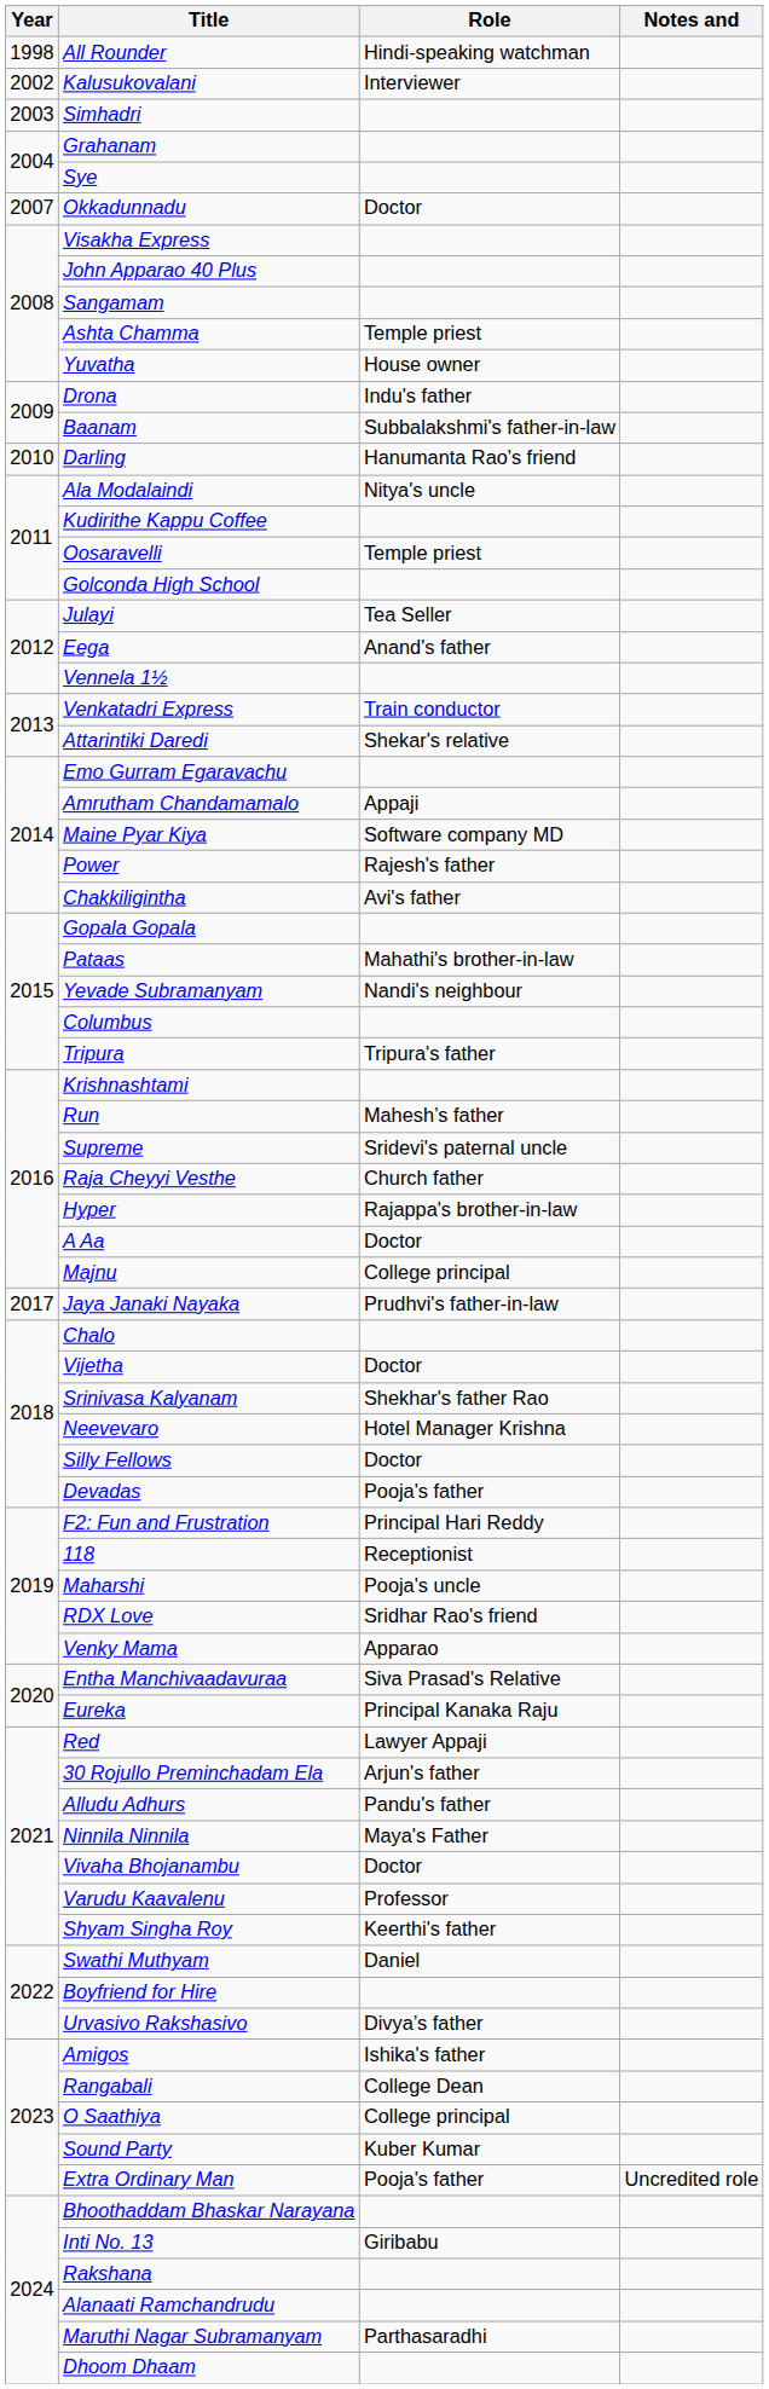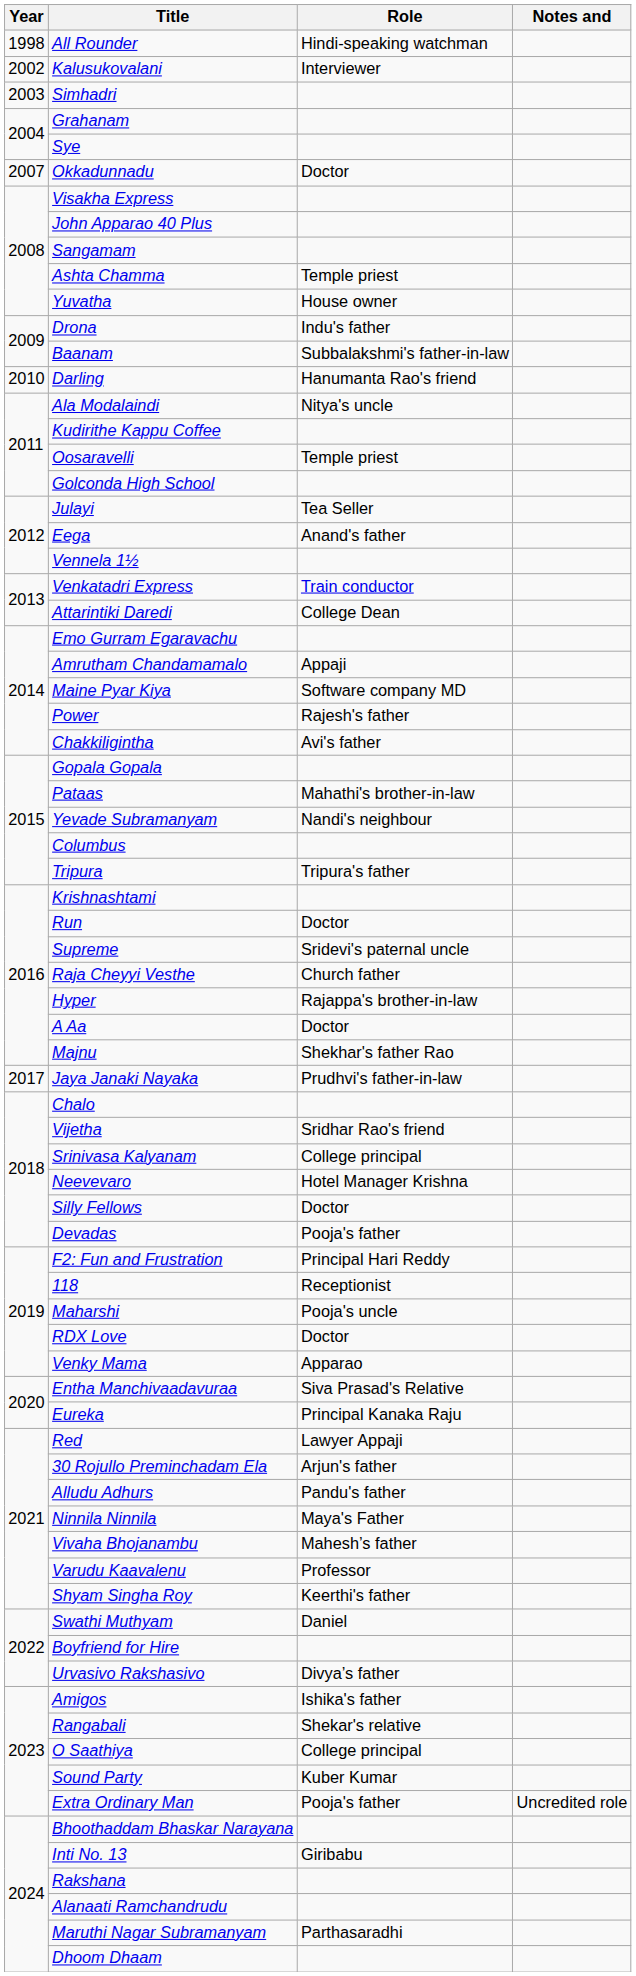 <table class="wikitable sortable">
 <tr>
 <th scope="col">Year</th>
 <th scope="col">Title</th>
 <th scope="col">Role</th>
 <th scope="col" class="unsortable">Notes and </th>
 </tr>
 <tr>
 <td>1998</td>
 <td><em><a href='#'>All Rounder</a></em></td>
 <td>Hindi-speaking watchman</td>
 <td></td>
 </tr>
 <tr>
 <td>2002</td>
 <td><em><a href='#'>Kalusukovalani</a></em></td>
 <td>Interviewer</td>
 <td></td>
 </tr>
 <tr>
 <td>2003</td>
 <td><a href='#'><em>Simhadri</em></a></td>
 <td></td>
 <td></td>
 </tr>
 <tr>
 <td rowspan="2">2004</td>
 <td><em><a href='#'>Grahanam</a></em></td>
 <td></td>
 <td></td>
 </tr>
 <tr>
 <td><a href='#'><em>Sye</em></a></td>
 <td></td>
 <td></td>
 </tr>
 <tr>
 <td>2007</td>
 <td><em><a href='#'>Okkadunnadu</a></em></td>
 <td>Doctor</td>
 <td></td>
 </tr>
 <tr>
 <td rowspan="5">2008</td>
 <td><a href='#'><em>Visakha Express</em></a></td>
 <td></td>
 <td></td>
 </tr>
 <tr>
 <td><em><a href='#'>John Apparao 40 Plus</a></em></td>
 <td></td>
 <td></td>
 </tr>
 <tr>
 <td><em><a href='#'>Sangamam</a></em></td>
 <td></td>
 <td></td>
 </tr>
 <tr>
 <td><em><a href='#'>Ashta Chamma</a></em></td>
 <td>Temple priest</td>
 <td></td>
 </tr>
 <tr>
 <td><em><a href='#'>Yuvatha</a></em></td>
 <td>House owner</td>
 <td></td>
 </tr>
 <tr>
 <td rowspan="2">2009</td>
 <td><em><a href='#'>Drona</a></em></td>
 <td>Indu's father</td>
 <td></td>
 </tr>
 <tr>
 <td><em><a href='#'>Baanam</a></em></td>
 <td>Subbalakshmi's father-in-law</td>
 <td></td>
 </tr>
 <tr>
 <td>2010</td>
 <td><a href='#'><em>Darling</em></a></td>
 <td>Hanumanta Rao's friend</td>
 <td></td>
 </tr>
 <tr>
 <td rowspan="4">2011</td>
 <td><em><a href='#'>Ala Modalaindi</a></em></td>
 <td>Nitya's uncle</td>
 <td></td>
 </tr>
 <tr>
 <td><em><a href='#'>Kudirithe Kappu Coffee</a></em></td>
 <td></td>
 <td></td>
 </tr>
 <tr>
 <td><em><a href='#'>Oosaravelli</a></em></td>
 <td>Temple priest</td>
 <td></td>
 </tr>
 <tr>
 <td><em><a href='#'>Golconda High School</a></em></td>
 <td></td>
 <td></td>
 </tr>
 <tr>
 <td rowspan="3">2012</td>
 <td><em><a href='#'>Julayi</a></em></td>
 <td>Tea Seller</td>
 <td></td>
 </tr>
 <tr>
 <td><em><a href='#'>Eega</a></em></td>
 <td>Anand's father</td>
 <td></td>
 </tr>
 <tr>
 <td><em><a href='#'>Vennela 1½</a></em></td>
 <td></td>
 <td></td>
 </tr>
 <tr>
 <td rowspan="2">2013</td>
 <td><a href='#'><em>Venkatadri Express</em></a></td>
 <td><a href='#'>Train conductor</a></td>
 <td></td>
 </tr>
 <tr>
 <td><em><a href='#'>Attarintiki Daredi</a></em></td>
-<td>Shekar's relative</td>
+<td>College Dean</td>
 <td></td>
 </tr>
 <tr>
 <td rowspan="5">2014</td>
 <td><em><a href='#'>Emo Gurram Egaravachu</a></em></td>
 <td></td>
 <td></td>
 </tr>
 <tr>
 <td><em><a href='#'>Amrutham Chandamamalo</a></em></td>
 <td>Appaji</td>
 <td></td>
 </tr>
 <tr>
 <td><a href='#'><em>Maine Pyar Kiya</em></a></td>
 <td>Software company MD</td>
 <td></td>
 </tr>
 <tr>
 <td><a href='#'><em>Power</em></a></td>
 <td>Rajesh's father</td>
 <td></td>
 </tr>
 <tr>
 <td><em><a href='#'>Chakkiligintha</a></em></td>
 <td>Avi's father</td>
 <td></td>
 </tr>
 <tr>
 <td rowspan="5">2015</td>
 <td><a href='#'><em>Gopala Gopala</em></a></td>
 <td></td>
 <td></td>
 </tr>
 <tr>
 <td><em><a href='#'>Pataas</a></em></td>
 <td>Mahathi's brother-in-law</td>
 <td></td>
 </tr>
 <tr>
 <td><em><a href='#'>Yevade Subramanyam</a></em></td>
 <td>Nandi's neighbour</td>
 <td></td>
 </tr>
 <tr>
 <td><em><a href='#'>Columbus</a></em></td>
 <td></td>
 <td></td>
 </tr>
 <tr>
 <td><a href='#'><em>Tripura</em></a></td>
 <td>Tripura's father</td>
 <td></td>
 </tr>
 <tr>
 <td rowspan="7">2016</td>
 <td><em><a href='#'>Krishnashtami</a></em></td>
 <td></td>
 <td></td>
 </tr>
 <tr>
 <td><a href='#'><em>Run</em></a></td>
-<td>Mahesh’s father</td>
+<td>Doctor</td>
 <td></td>
 </tr>
 <tr>
 <td><a href='#'><em>Supreme</em></a></td>
 <td>Sridevi's paternal uncle</td>
 <td></td>
 </tr>
 <tr>
 <td><em><a href='#'>Raja Cheyyi Vesthe</a></em></td>
 <td>Church father</td>
 <td></td>
 </tr>
 <tr>
 <td><a href='#'><em>Hyper</em></a></td>
 <td>Rajappa's brother-in-law</td>
 <td></td>
 </tr>
 <tr>
 <td><em><a href='#'>A Aa</a></em></td>
 <td>Doctor</td>
 <td></td>
 </tr>
 <tr>
 <td><a href='#'><em>Majnu</em></a></td>
-<td>College principal</td>
+<td>Shekhar's father Rao</td>
 <td></td>
 </tr>
 <tr>
 <td>2017</td>
 <td><em><a href='#'>Jaya Janaki Nayaka</a></em></td>
 <td>Prudhvi's father-in-law</td>
 <td></td>
 </tr>
 <tr>
 <td rowspan="6">2018</td>
 <td><em><a href='#'>Chalo</a></em></td>
 <td></td>
 <td></td>
 </tr>
 <tr>
 <td><a href='#'><em>Vijetha</em></a></td>
-<td>Doctor</td>
+<td>Sridhar Rao's friend</td>
 <td></td>
 </tr>
 <tr>
 <td><a href='#'><em>Srinivasa Kalyanam</em></a></td>
-<td>Shekhar's father Rao</td>
+<td>College principal</td>
 <td></td>
 </tr>
 <tr>
 <td><em><a href='#'>Neevevaro</a></em></td>
 <td>Hotel Manager Krishna</td>
 <td></td>
 </tr>
 <tr>
 <td><em><a href='#'>Silly Fellows</a></em></td>
 <td>Doctor</td>
 <td></td>
 </tr>
 <tr>
 <td><a href='#'><em>Devadas</em></a></td>
 <td>Pooja's father</td>
 <td></td>
 </tr>
 <tr>
 <td rowspan="5">2019</td>
 <td><em><a href='#'>F2: Fun and Frustration</a></em></td>
 <td>Principal Hari Reddy</td>
 <td></td>
 </tr>
 <tr>
 <td><a href='#'><em>118</em></a></td>
 <td>Receptionist</td>
 <td></td>
 </tr>
 <tr>
 <td><a href='#'><em>Maharshi</em></a></td>
 <td>Pooja's uncle</td>
 <td></td>
 </tr>
 <tr>
 <td><em><a href='#'>RDX Love</a></em></td>
-<td>Sridhar Rao's friend</td>
+<td>Doctor</td>
 <td></td>
 </tr>
 <tr>
 <td><em><a href='#'>Venky Mama</a></em></td>
 <td>Apparao</td>
 <td></td>
 </tr>
 <tr>
 <td rowspan="2">2020</td>
 <td><em><a href='#'>Entha Manchivaadavuraa</a></em></td>
 <td>Siva Prasad's Relative</td>
 <td></td>
 </tr>
 <tr>
 <td><a href='#'><em>Eureka</em></a></td>
 <td>Principal Kanaka Raju</td>
 <td></td>
 </tr>
 <tr>
 <td rowspan="7">2021</td>
 <td><a href='#'><em>Red</em></a></td>
 <td>Lawyer Appaji</td>
 <td></td>
 </tr>
 <tr>
 <td><em><a href='#'>30 Rojullo Preminchadam Ela</a></em></td>
 <td>Arjun's father</td>
 <td></td>
 </tr>
 <tr>
 <td><em><a href='#'>Alludu Adhurs</a></em></td>
 <td>Pandu's father</td>
 <td></td>
 </tr>
 <tr>
 <td><em><a href='#'>Ninnila Ninnila</a></em></td>
 <td>Maya's Father</td>
 <td></td>
 </tr>
 <tr>
 <td><a href='#'><em>Vivaha Bhojanambu</em></a></td>
-<td>Doctor</td>
+<td>Mahesh’s father</td>
 <td></td>
 </tr>
 <tr>
 <td><em><a href='#'>Varudu Kaavalenu</a></em></td>
 <td>Professor</td>
 <td></td>
 </tr>
 <tr>
 <td><em><a href='#'>Shyam Singha Roy</a></em></td>
 <td>Keerthi's father</td>
 <td></td>
 </tr>
 <tr>
 <td rowspan="3">2022</td>
 <td><em><a href='#'>Swathi Muthyam</a></em></td>
 <td>Daniel</td>
 <td></td>
 </tr>
 <tr>
 <td><em><a href='#'>Boyfriend for Hire</a></em></td>
 <td></td>
 <td></td>
 </tr>
 <tr>
 <td><em><a href='#'>Urvasivo Rakshasivo</a></em></td>
 <td>Divya’s father</td>
 <td></td>
 </tr>
 <tr>
 <td rowspan="5">2023</td>
 <td><em><a href='#'>Amigos</a></em></td>
 <td>Ishika's father</td>
 <td></td>
 </tr>
 <tr>
 <td><em><a href='#'>Rangabali</a></em></td>
-<td>College Dean</td>
+<td>Shekar's relative</td>
 <td></td>
 </tr>
 <tr>
 <td><em><a href='#'>O Saathiya</a></em></td>
 <td>College principal</td>
 <td></td>
 </tr>
 <tr>
 <td><em><a href='#'>Sound Party</a></em></td>
 <td>Kuber Kumar</td>
 <td></td>
 </tr>
 <tr>
 <td><em><a href='#'>Extra Ordinary Man</a></em></td>
 <td>Pooja's father</td>
 <td>Uncredited role</td>
 </tr>
 <tr>
 <td rowspan="6">2024</td>
 <td><em><a href='#'>Bhoothaddam Bhaskar Narayana</a></em></td>
 <td></td>
 <td></td>
 </tr>
 <tr>
 <td><em><a href='#'>Inti No. 13</a></em></td>
 <td>Giribabu</td>
 <td></td>
 </tr>
 <tr>
 <td><a href='#'><em>Rakshana</em></a></td>
 <td></td>
 <td></td>
 </tr>
 <tr>
 <td><em><a href='#'>Alanaati Ramchandrudu</a></em></td>
 <td></td>
 <td></td>
 </tr>
 <tr>
 <td><em><a href='#'>Maruthi Nagar Subramanyam</a></em></td>
 <td>Parthasaradhi</td>
 <td></td>
 </tr>
 <tr>
 <td><a href='#'><em>Dhoom Dhaam</em></a></td>
 <td></td>
 <td></td>
 </tr>
 </table>
